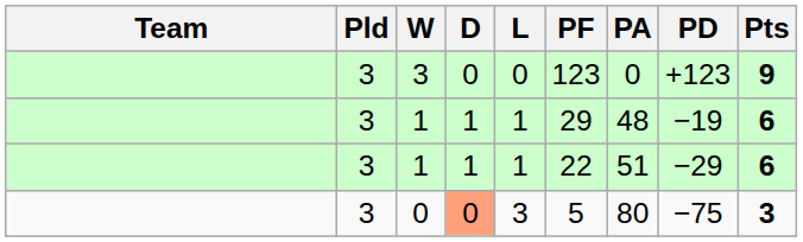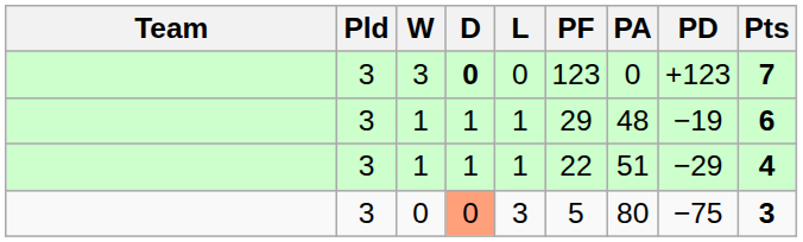 <table class="wikitable" style="text-align:center;">
 <tr>
 <th width=175>Team</th>
 <th width=20 abbr="Played">Pld</th>
 <th width=20 abbr="Won">W</th>
 <th width=20 abbr="Drawn">D</th>
 <th width=20 abbr="Lost">L</th>
 <th width=20 abbr="Points for">PF</th>
 <th width=20 abbr="Points against">PA</th>
 <th width=25 abbr="Points difference">PD</th>
 <th width=20 abbr="Points">Pts</th>
 </tr>
 <tr style="background:#ccffcc">
 <td align=left></td>
 <td>3</td>
 <td>3</td>
-<td>0</td>
+<td><strong>0</strong></td>
 <td>0</td>
 <td>123</td>
 <td>0</td>
 <td>+123</td>
-<td><strong>9</strong></td>
+<td><strong>7</strong></td>
 </tr>
 <tr style="background:#ccffcc">
 <td align=left></td>
 <td>3</td>
 <td>1</td>
 <td>1</td>
 <td>1</td>
 <td>29</td>
 <td>48</td>
 <td>−19</td>
 <td><strong>6</strong></td>
 </tr>
 <tr style="background:#ccffcc">
 <td align=left></td>
 <td>3</td>
 <td>1</td>
 <td>1</td>
 <td>1</td>
 <td>22</td>
 <td>51</td>
 <td>−29</td>
-<td><strong>6</strong></td>
+<td><strong>4</strong></td>
 </tr>
 <tr>
 <td align=left></td>
 <td>3</td>
 <td>0</td>
 <td style="background: lightsalmon;">0</td>
 <td>3</td>
 <td>5</td>
 <td>80</td>
 <td>−75</td>
 <td><strong>3</strong></td>
 </tr>
 </table>
